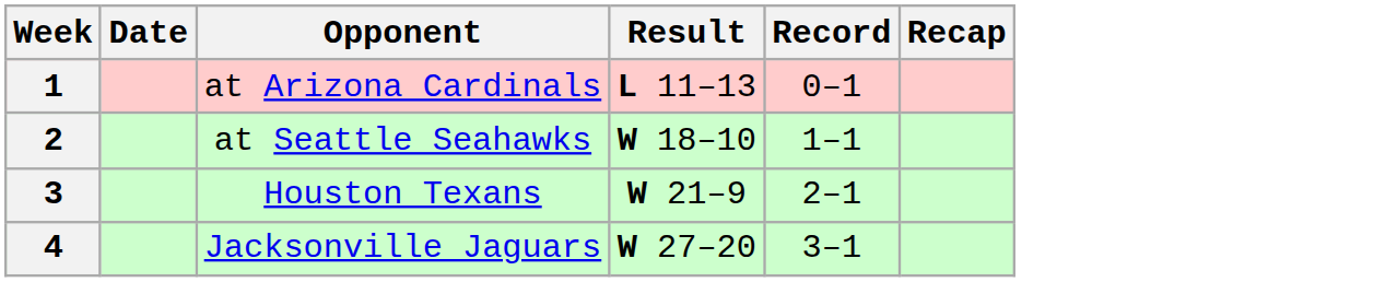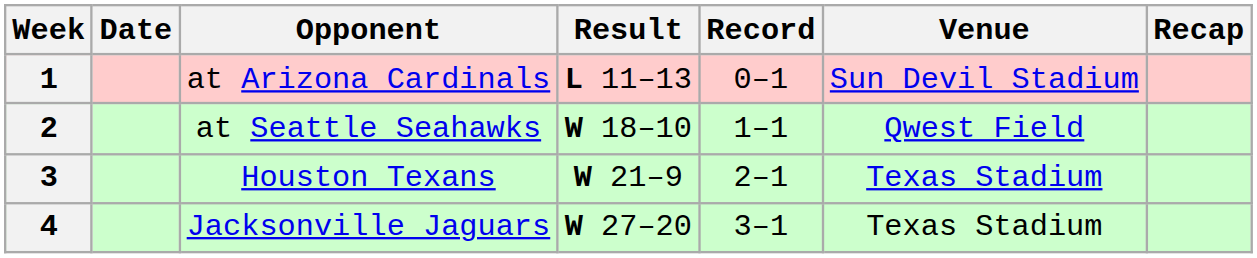 <table class="wikitable" style="text-align:center">
 <tr>
 <th>Week</th>
 <th>Date</th>
 <th>Opponent</th>
 <th>Result</th>
 <th>Record</th>
+<th>Venue</th>
 <th>Recap</th>
 </tr>
 <tr style="background:#fcc; text-align:center;">
 <th>1</th>
 <td></td>
 <td>at <a href='#'>Arizona Cardinals</a></td>
 <td><strong>L</strong> 11–13</td>
 <td>0–1</td>
+<td><a href='#'>Sun Devil Stadium</a></td>
 <td></td>
 </tr>
 <tr style="background:#cfc; text-align:center;">
 <th>2</th>
 <td></td>
 <td>at <a href='#'>Seattle Seahawks</a></td>
 <td><strong>W</strong> 18–10</td>
 <td>1–1</td>
+<td><a href='#'>Qwest Field</a></td>
 <td></td>
 </tr>
 <tr style="background:#cfc; text-align:center;">
 <th>3</th>
 <td></td>
 <td><a href='#'>Houston Texans</a></td>
 <td><strong>W</strong> 21–9</td>
 <td>2–1</td>
+<td><a href='#'>Texas Stadium</a></td>
 <td></td>
 </tr>
 <tr style="background:#cfc; text-align:center;">
 <th>4</th>
 <td></td>
 <td><a href='#'>Jacksonville Jaguars</a></td>
 <td><strong>W</strong> 27–20</td>
 <td>3–1</td>
+<td>Texas Stadium</td>
 <td></td>
 </tr>
 </table>
